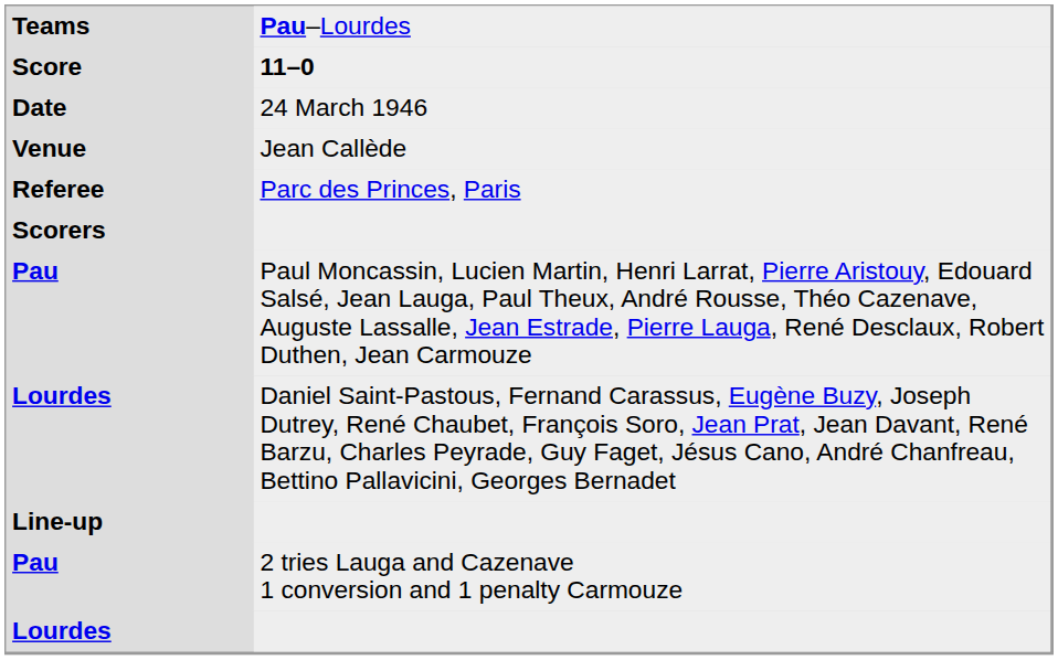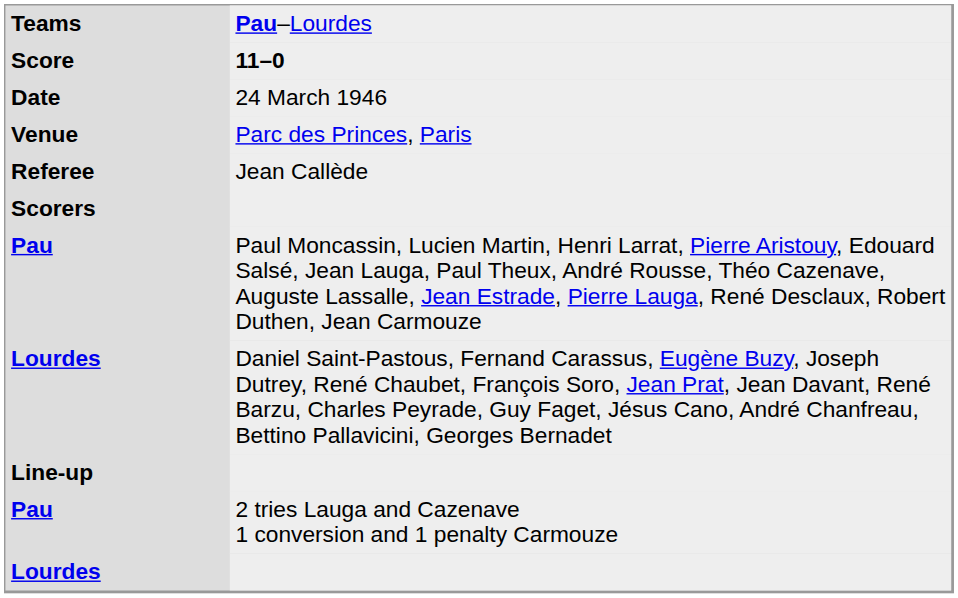 <table align="left" cellpadding="4" cellspacing="0"  style="margin: 0 0 0 0; border: 1px solid #999; border-right-width: 2px; border-bottom-width: 2px; background-color: #DDDDDD">
 <tr>
 <td width="150" valign="top"><strong>Teams</strong></td>
 <td width="500" bgcolor=#EEEEEE><strong><a href='#'>Pau</a></strong>–<a href='#'>Lourdes</a></td>
 </tr>
 <tr>
 <td valign="top"><strong>Score</strong></td>
 <td bgcolor=#EEEEEE><strong>11–0</strong></td>
 </tr>
 <tr>
 <td valign="top"><strong>Date</strong></td>
 <td bgcolor=#EEEEEE>24 March 1946</td>
 </tr>
 <tr>
 <td valign="top"><strong>Venue</strong></td>
-<td bgcolor=#EEEEEE>Jean Callède</td>
+<td bgcolor=#EEEEEE><a href='#'>Parc des Princes</a>, <a href='#'>Paris</a></td>
 </tr>
 <tr>
 <td valign="top"><strong>Referee</strong></td>
-<td bgcolor=#EEEEEE><a href='#'>Parc des Princes</a>, <a href='#'>Paris</a></td>
+<td bgcolor=#EEEEEE>Jean Callède</td>
 </tr>
 <tr>
 <td valign="top"><strong>Scorers</strong></td>
 <td bgcolor=#EEEEEE></td>
 </tr>
 <tr>
 <td valign="top"><strong><a href='#'>Pau</a> </strong></td>
 <td bgcolor=#EEEEEE>Paul Moncassin, Lucien Martin, Henri Larrat, <a href='#'>Pierre Aristouy</a>, Edouard Salsé, Jean Lauga, Paul Theux, André Rousse, Théo Cazenave, Auguste Lassalle, <a href='#'>Jean Estrade</a>, <a href='#'>Pierre Lauga</a>, René Desclaux, Robert Duthen, Jean Carmouze</td>
 </tr>
 <tr>
 <td valign="top"><strong><a href='#'>Lourdes</a>  </strong></td>
 <td bgcolor=#EEEEEE>Daniel Saint-Pastous, Fernand Carassus, <a href='#'>Eugène Buzy</a>, Joseph Dutrey, René Chaubet, François Soro, <a href='#'>Jean Prat</a>, Jean Davant, René Barzu, Charles Peyrade, Guy Faget, Jésus Cano, André Chanfreau, Bettino Pallavicini, Georges Bernadet</td>
 </tr>
 <tr>
 <td valign="top"><strong>Line-up</strong></td>
 <td bgcolor=#EEEEEE></td>
 </tr>
 <tr>
 <td valign="top"><strong><a href='#'>Pau</a> </strong></td>
 <td bgcolor=#EEEEEE>2 tries Lauga and Cazenave<br> 1 conversion and 1 penalty Carmouze</td>
 </tr>
 <tr>
 <td valign="top"><strong><a href='#'>Lourdes</a>  </strong></td>
 <td bgcolor=#EEEEEE></td>
 </tr>
 </table>
